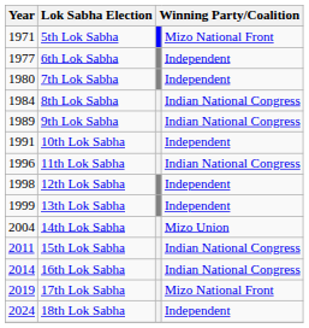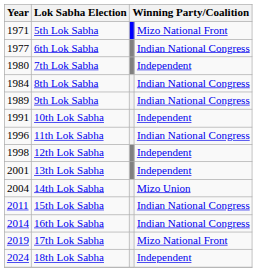 <table class="wikitable">
 <tr>
 <th>Year</th>
 <th>Lok Sabha Election</th>
 <th colspan="2">Winning Party/Coalition</th>
 </tr>
 <tr --->
 <td>1971</td>
 <td><a href='#'>5th Lok Sabha</a></td>
 <th style="background-color:blue"></th>
 <td><a href='#'>Mizo National Front</a></td>
 </tr>
 <tr --->
 <td>1977</td>
 <td><a href='#'>6th Lok Sabha</a></td>
 <th style="background-color: grey"></th>
-<td><a href='#'>Independent</a></td>
+<td><a href='#'>Indian National Congress</a></td>
 </tr>
 <tr --->
 <td>1980</td>
 <td><a href='#'>7th Lok Sabha</a></td>
 <th style="background-color: grey"></th>
 <td><a href='#'>Independent</a></td>
 </tr>
 <tr --->
 <td>1984</td>
 <td><a href='#'>8th Lok Sabha</a></td>
 <th style="background-color: "></th>
 <td><a href='#'>Indian National Congress</a></td>
 </tr>
 <tr --->
 <td>1989</td>
 <td><a href='#'>9th Lok Sabha</a></td>
 <th style="background-color: "></th>
 <td><a href='#'>Indian National Congress</a></td>
 </tr>
 <tr --->
 <td>1991</td>
 <td><a href='#'>10th Lok Sabha</a></td>
 <th style="background-color: "></th>
 <td><a href='#'>Independent</a></td>
 </tr>
 <tr --->
 <td>1996</td>
 <td><a href='#'>11th Lok Sabha</a></td>
 <th style="background-color: "></th>
 <td><a href='#'>Indian National Congress</a></td>
 </tr>
 <tr --->
 <td>1998</td>
 <td><a href='#'>12th Lok Sabha</a></td>
 <th style="background-color: grey"></th>
 <td><a href='#'>Independent</a></td>
 </tr>
 <tr --->
-<td>1999</td>
+<td>2001</td>
 <td><a href='#'>13th Lok Sabha</a></td>
 <th style="background-color: grey"></th>
 <td><a href='#'>Independent</a></td>
 </tr>
 <tr --->
 <td>2004</td>
 <td><a href='#'>14th Lok Sabha</a></td>
 <th style="background-color: "></th>
 <td><a href='#'>Mizo Union</a></td>
 </tr>
 <tr --->
 <td><a href='#'>2011</a></td>
 <td><a href='#'>15th Lok Sabha</a></td>
 <th style="background-color: "></th>
 <td><a href='#'>Indian National Congress</a></td>
 </tr>
 <tr --->
 <td><a href='#'>2014</a></td>
 <td><a href='#'>16th Lok Sabha</a></td>
 <th style="background-color: "></th>
 <td><a href='#'>Indian National Congress</a></td>
 </tr>
 <tr --->
 <td><a href='#'>2019</a></td>
 <td><a href='#'>17th Lok Sabha</a></td>
 <th style="background-color: "></th>
 <td><a href='#'>Mizo National Front</a></td>
 </tr>
 <tr>
 <td><a href='#'>2024</a></td>
 <td><a href='#'>18th Lok Sabha</a></td>
 <th style="background-color: "></th>
 <td><a href='#'>Independent</a></td>
 </tr>
 <tr --->
 </tr>
 </table>
